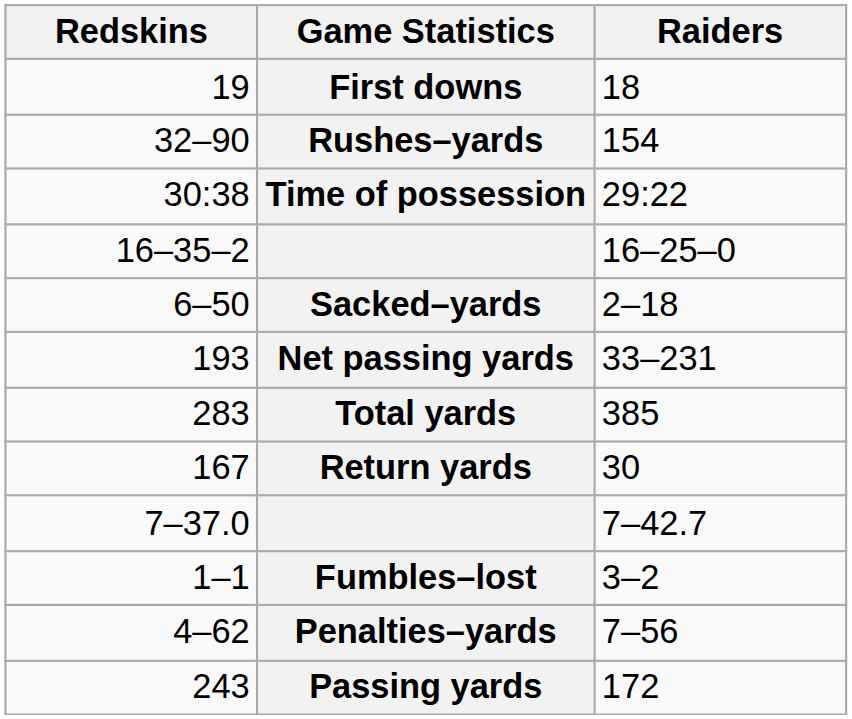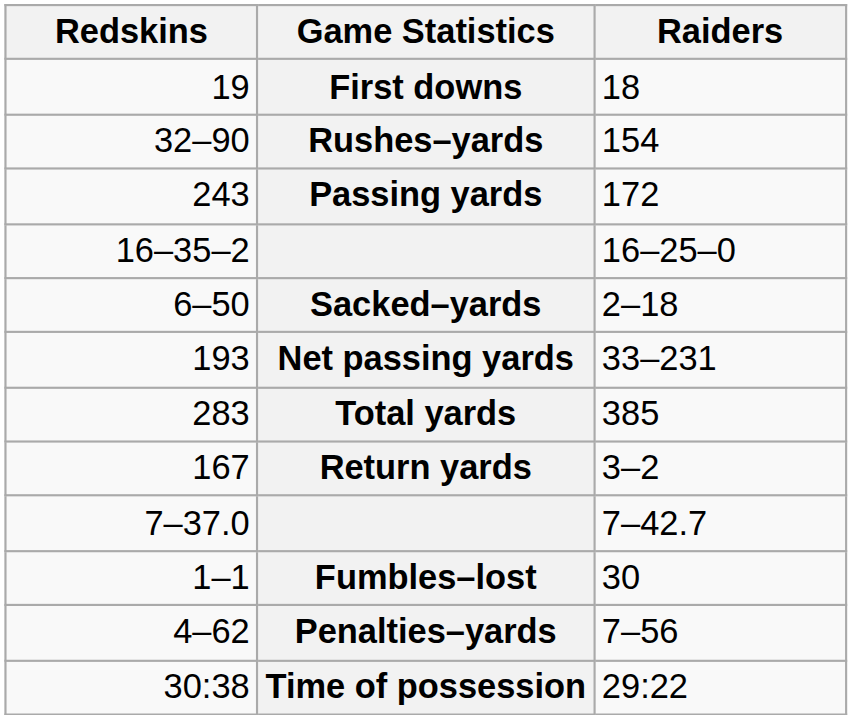 <table class="wikitable" style="margin: 1em auto 1em auto">
 <tr>
 <th style="width:30%;">Redskins</th>
 <th style="width:40%;">Game Statistics</th>
 <th style="width:30%;">Raiders</th>
 </tr>
 <tr>
 <td style="text-align:right;">19</td>
 <th>First downs</th>
 <td>18</td>
 </tr>
 <tr>
 <td style="text-align:right;">32–90</td>
 <th>Rushes–yards</th>
 <td>154</td>
 </tr>
 <tr>
-<td style="text-align:right;">30:38</td>
-<th>Time of possession</th>
-<td>29:22</td>
+<td style="text-align:right;">243</td>
+<th>Passing yards</th>
+<td>172</td>
 </tr>
 <tr>
 <td style="text-align:right;">16–35–2</td>
 <th></th>
 <td>16–25–0</td>
 </tr>
 <tr>
 <td style="text-align:right;">6–50</td>
 <th>Sacked–yards</th>
 <td>2–18</td>
 </tr>
 <tr>
 <td style="text-align:right;">193</td>
 <th>Net passing yards</th>
 <td>33–231</td>
 </tr>
 <tr>
 <td style="text-align:right;">283</td>
 <th>Total yards</th>
 <td>385</td>
 </tr>
 <tr>
 <td style="text-align:right;">167</td>
 <th>Return yards</th>
-<td>30</td>
+<td>3–2</td>
 </tr>
 <tr>
 <td style="text-align:right;">7–37.0</td>
 <th></th>
 <td>7–42.7</td>
 </tr>
 <tr>
 <td style="text-align:right;">1–1</td>
 <th>Fumbles–lost</th>
-<td>3–2</td>
+<td>30</td>
 </tr>
 <tr>
 <td style="text-align:right;">4–62</td>
 <th>Penalties–yards</th>
 <td>7–56</td>
 </tr>
 <tr>
-<td style="text-align:right;">243</td>
-<th>Passing yards</th>
-<td>172</td>
+<td style="text-align:right;">30:38</td>
+<th>Time of possession</th>
+<td>29:22</td>
 </tr>
 </table>
